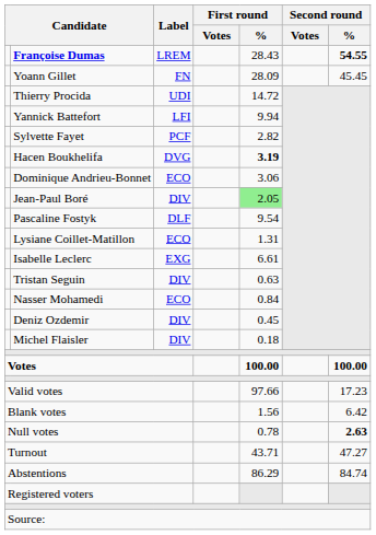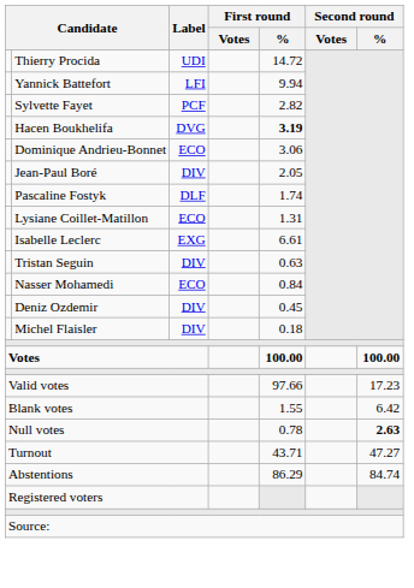 <table class="wikitable" style="text-align:right;font-size:95%;">
 <tr>
 <th rowspan="2" colspan="2">Candidate</th>
 <th rowspan="2">Label</th>
 <th colspan="2">First round</th>
 <th colspan="2">Second round</th>
 </tr>
 <tr>
 <th style="width:50px;">Votes</th>
 <th style="width:45px;">%</th>
 <th style="width:50px;">Votes</th>
 <th style="width:45px;">%</th>
-</tr>
-<tr>
-<td style="color:inherit;background:"></td>
-<td style="text-align:left;"><strong><a href='#'>Françoise Dumas</a></strong></td>
-<td><a href='#'>LREM</a></td>
-<td></td>
-<td>28.43</td>
-<td><strong></strong></td>
-<td><strong>54.55</strong></td>
-</tr>
-<tr>
-<td style="color:inherit;background:"></td>
-<td style="text-align:left;">Yoann Gillet</td>
-<td><a href='#'>FN</a></td>
-<td></td>
-<td>28.09</td>
-<td></td>
-<td>45.45</td>
 </tr>
 <tr>
 <td style="color:inherit;background:"></td>
 <td style="text-align:left;">Thierry Procida</td>
 <td><a href='#'>UDI</a></td>
 <td></td>
 <td>14.72</td>
 <td colspan="2" rowspan="13" style="background:#E9E9E9;"></td>
 </tr>
 <tr>
 <td style="color:inherit;background:"></td>
 <td style="text-align:left;">Yannick Battefort</td>
 <td><a href='#'>LFI</a></td>
 <td></td>
 <td>9.94</td>
 </tr>
 <tr>
 <td style="color:inherit;background:"></td>
 <td style="text-align:left;">Sylvette Fayet</td>
 <td><a href='#'>PCF</a></td>
 <td></td>
 <td>2.82</td>
 </tr>
 <tr>
 <td style="color:inherit;background:"></td>
 <td style="text-align:left;">Hacen Boukhelifa</td>
 <td><a href='#'>DVG</a></td>
 <td></td>
 <td><strong>3.19</strong></td>
 </tr>
 <tr>
 <td style="color:inherit;background:"></td>
 <td style="text-align:left;">Dominique Andrieu-Bonnet</td>
 <td><a href='#'>ECO</a></td>
 <td></td>
 <td>3.06</td>
 </tr>
 <tr>
 <td style="color:inherit;background:"></td>
 <td style="text-align:left;">Jean-Paul Boré</td>
 <td><a href='#'>DIV</a></td>
 <td></td>
-<td style="background: lightgreen;">2.05</td>
+<td>2.05</td>
 </tr>
 <tr>
 <td style="color:inherit;background:"></td>
 <td style="text-align:left;">Pascaline Fostyk</td>
 <td><a href='#'>DLF</a></td>
 <td></td>
-<td>9.54</td>
+<td>1.74</td>
 </tr>
 <tr>
 <td style="color:inherit;background:"></td>
 <td style="text-align:left;">Lysiane Coillet-Matillon</td>
 <td><a href='#'>ECO</a></td>
 <td></td>
 <td>1.31</td>
 </tr>
 <tr>
 <td style="color:inherit;background:"></td>
 <td style="text-align:left;">Isabelle Leclerc</td>
 <td><a href='#'>EXG</a></td>
 <td></td>
 <td>6.61</td>
 </tr>
 <tr>
 <td style="color:inherit;background:"></td>
 <td style="text-align:left;">Tristan Seguin</td>
 <td><a href='#'>DIV</a></td>
 <td></td>
 <td>0.63</td>
 </tr>
 <tr>
 <td style="color:inherit;background:"></td>
 <td style="text-align:left;">Nasser Mohamedi</td>
 <td><a href='#'>ECO</a></td>
 <td></td>
 <td>0.84</td>
 </tr>
 <tr>
 <td style="color:inherit;background:"></td>
 <td style="text-align:left;">Deniz Ozdemir</td>
 <td><a href='#'>DIV</a></td>
 <td></td>
 <td>0.45</td>
 </tr>
 <tr>
 <td style="color:inherit;background:"></td>
 <td style="text-align:left;">Michel Flaisler</td>
 <td><a href='#'>DIV</a></td>
 <td></td>
 <td>0.18</td>
 </tr>
 <tr>
 <td colspan="7" style="background:#E9E9E9;"></td>
 </tr>
 <tr style="font-weight:bold;">
 <td colspan="3" style="text-align:left;">Votes</td>
 <td></td>
 <td>100.00</td>
 <td></td>
 <td>100.00</td>
 </tr>
 <tr>
 <td colspan="7" style="background:#E9E9E9;"></td>
 </tr>
 <tr>
 <td colspan="3" style="text-align:left;">Valid votes</td>
 <td></td>
 <td>97.66</td>
 <td></td>
 <td>17.23</td>
 </tr>
 <tr>
 <td colspan="3" style="text-align:left;">Blank votes</td>
 <td></td>
-<td>1.56</td>
+<td>1.55</td>
 <td></td>
 <td>6.42</td>
 </tr>
 <tr>
 <td colspan="3" style="text-align:left;">Null votes</td>
 <td></td>
 <td>0.78</td>
 <td></td>
 <td><strong>2.63</strong></td>
 </tr>
 <tr>
 <td colspan="3" style="text-align:left;">Turnout</td>
 <td></td>
 <td>43.71</td>
 <td></td>
 <td>47.27</td>
 </tr>
 <tr>
 <td colspan="3" style="text-align:left;">Abstentions</td>
 <td></td>
 <td>86.29</td>
 <td></td>
 <td>84.74</td>
 </tr>
 <tr>
 <td colspan="3" style="text-align:left;">Registered voters</td>
 <td></td>
 <td style="color:inherit;background:#E9E9E9;"></td>
 <td></td>
 <td style="color:inherit;background:#E9E9E9;"></td>
 </tr>
 <tr>
 <td colspan="7" style="background:#E9E9E9;"></td>
 </tr>
 <tr>
 <td colspan="7" style="text-align:left;">Source: </td>
 </tr>
 </table>
